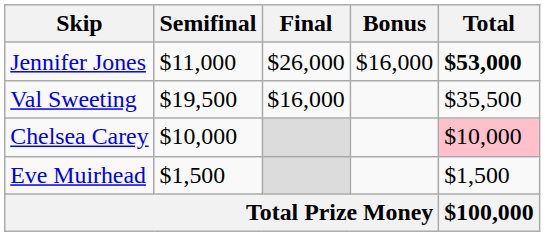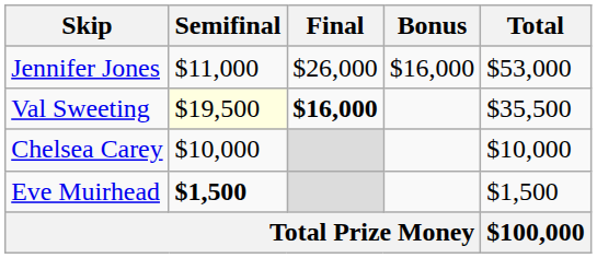 <table class="wikitable sortable">
 <tr>
 <th>Skip</th>
 <th>Semifinal</th>
 <th>Final</th>
 <th>Bonus</th>
 <th>Total</th>
 </tr>
 <tr>
 <td><a href='#'>Jennifer Jones</a></td>
 <td>$11,000</td>
 <td>$26,000</td>
 <td>$16,000</td>
-<td><strong>$53,000</strong></td>
+<td>$53,000</td>
 </tr>
 <tr>
 <td><a href='#'>Val Sweeting</a></td>
-<td>$19,500</td>
-<td>$16,000</td>
+<td style="background: lightyellow;">$19,500</td>
+<td><strong>$16,000</strong></td>
 <td></td>
 <td>$35,500</td>
 </tr>
 <tr>
 <td><a href='#'>Chelsea Carey</a></td>
 <td>$10,000</td>
 <td bgcolor=#DCDCDC></td>
 <td></td>
-<td style="background: pink;">$10,000</td>
+<td>$10,000</td>
 </tr>
 <tr>
 <td><a href='#'>Eve Muirhead</a></td>
-<td>$1,500</td>
+<td><strong>$1,500</strong></td>
 <td bgcolor=#DCDCDC></td>
 <td></td>
 <td>$1,500</td>
 </tr>
 <tr class=sortbottom>
 <th colspan=4 style="text-align:right;">Total Prize Money</th>
 <th>$100,000</th>
 </tr>
 </table>
